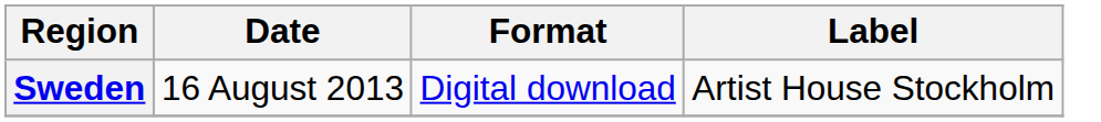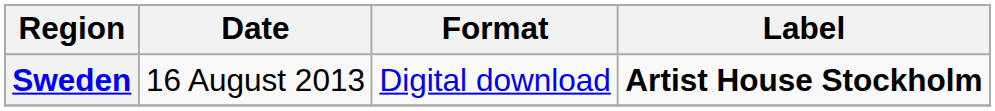 <table class="wikitable sortable plainrowheaders">
 <tr>
 <th scope="col">Region</th>
 <th scope="col">Date</th>
 <th scope="col">Format</th>
 <th scope="col">Label</th>
 </tr>
 <tr>
 <th scope="row"><a href='#'>Sweden</a></th>
 <td>16 August 2013</td>
 <td><a href='#'>Digital download</a></td>
-<td>Artist House Stockholm</td>
+<td><strong>Artist House Stockholm</strong></td>
 </tr>
 <tr>
 </tr>
 </table>
